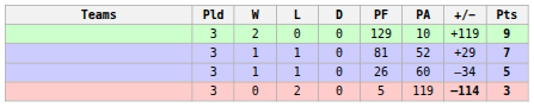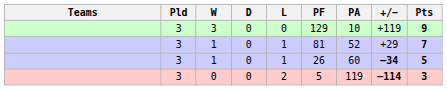 <table class="wikitable" style="text-align: center;">
 <tr>
 <th width="200">Teams</th>
 <th width="40">Pld</th>
 <th width="40">W</th>
+<th width="40">D</th>
 <th width="40">L</th>
-<th width="40">D</th>
 <th width="40">PF</th>
 <th width="40">PA</th>
 <th width="40">+/−</th>
 <th width="40">Pts</th>
 </tr>
 <tr bgcolor=ccffcc>
 <td align=left></td>
 <td>3</td>
-<td>2</td>
+<td>3</td>
 <td>0</td>
 <td>0</td>
 <td>129</td>
 <td>10</td>
 <td>+119</td>
 <td><strong>9</strong></td>
 </tr>
 <tr bgcolor=ccccff>
 <td align=left></td>
 <td>3</td>
 <td>1</td>
+<td>0</td>
 <td>1</td>
-<td>0</td>
 <td>81</td>
 <td>52</td>
 <td>+29</td>
 <td><strong>7</strong></td>
 </tr>
 <tr bgcolor=ccccff>
 <td align=left></td>
 <td>3</td>
 <td>1</td>
+<td>0</td>
 <td>1</td>
-<td>0</td>
 <td>26</td>
 <td>60</td>
-<td>–34</td>
+<td><strong>–34</strong></td>
 <td><strong>5</strong></td>
 </tr>
 <tr bgcolor=ffcccc>
 <td align=left></td>
 <td>3</td>
 <td>0</td>
+<td>0</td>
 <td>2</td>
-<td>0</td>
 <td>5</td>
 <td>119</td>
 <td><strong>–114</strong></td>
 <td><strong>3</strong></td>
 </tr>
 </table>
